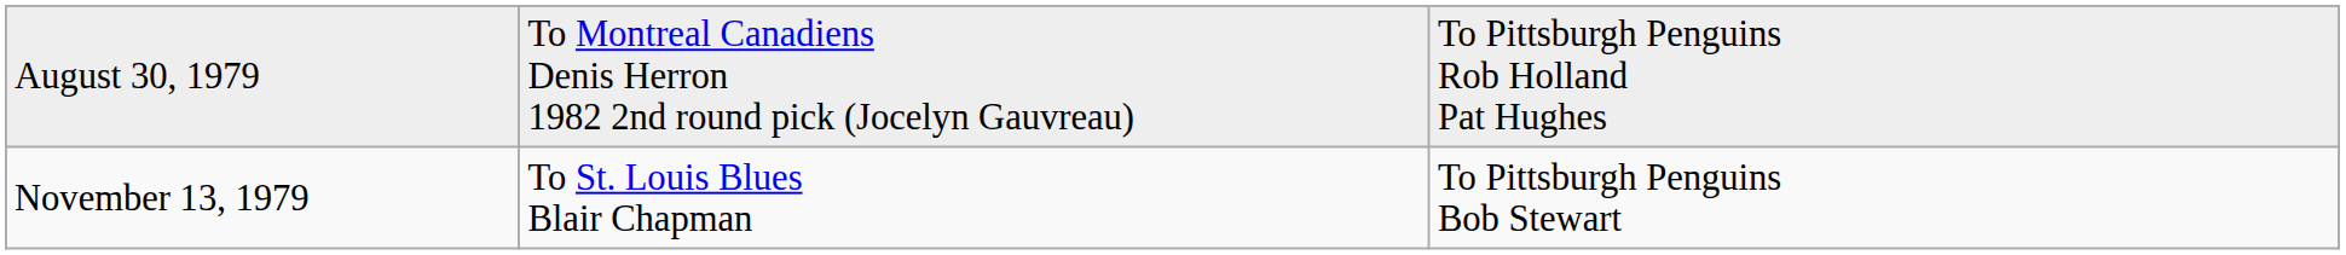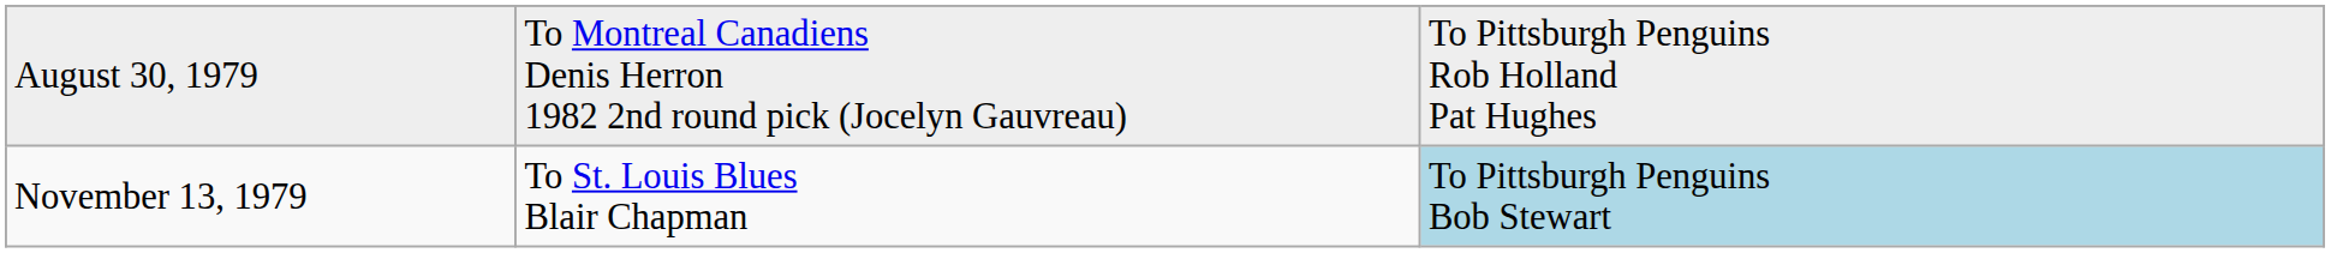 <table class="wikitable" style="border:1px solid #999999; width:80%;">
 <tr bgcolor="eeeeee">
 <td style="width:22%;">August 30, 1979</td>
 <td style="width:39%;" valign="top">To <a href='#'>Montreal Canadiens</a><br>Denis Herron<br>1982 2nd round pick (Jocelyn Gauvreau)</td>
 <td style="width:39%;" valign="top">To Pittsburgh Penguins<br>Rob Holland<br>Pat Hughes</td>
 </tr>
 <tr>
 <td style="width:22%;">November 13, 1979</td>
 <td style="width:39%;" valign="top">To <a href='#'>St. Louis Blues</a><br>Blair Chapman</td>
-<td style="width:39%;" valign="top">To Pittsburgh Penguins<br>Bob Stewart</td>
+<td style="background: lightblue; width:39%;" valign="top">To Pittsburgh Penguins<br>Bob Stewart</td>
 </tr>
 </table>
